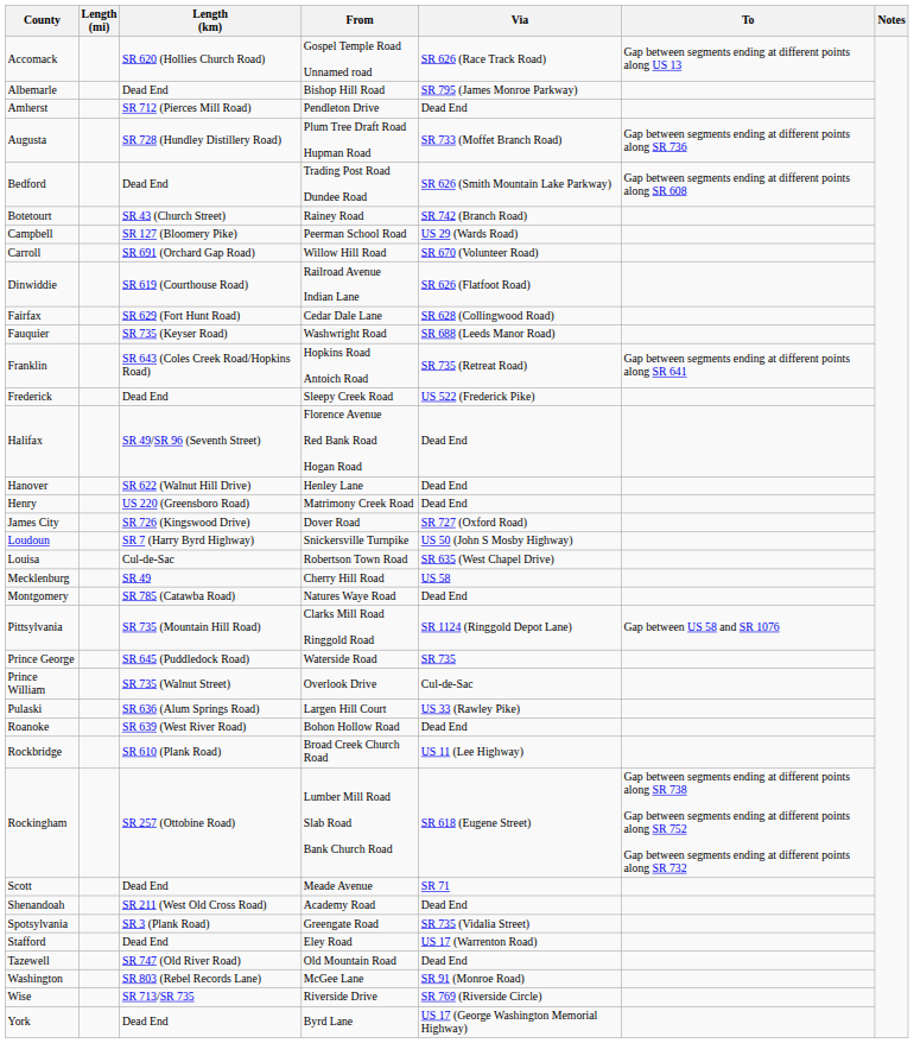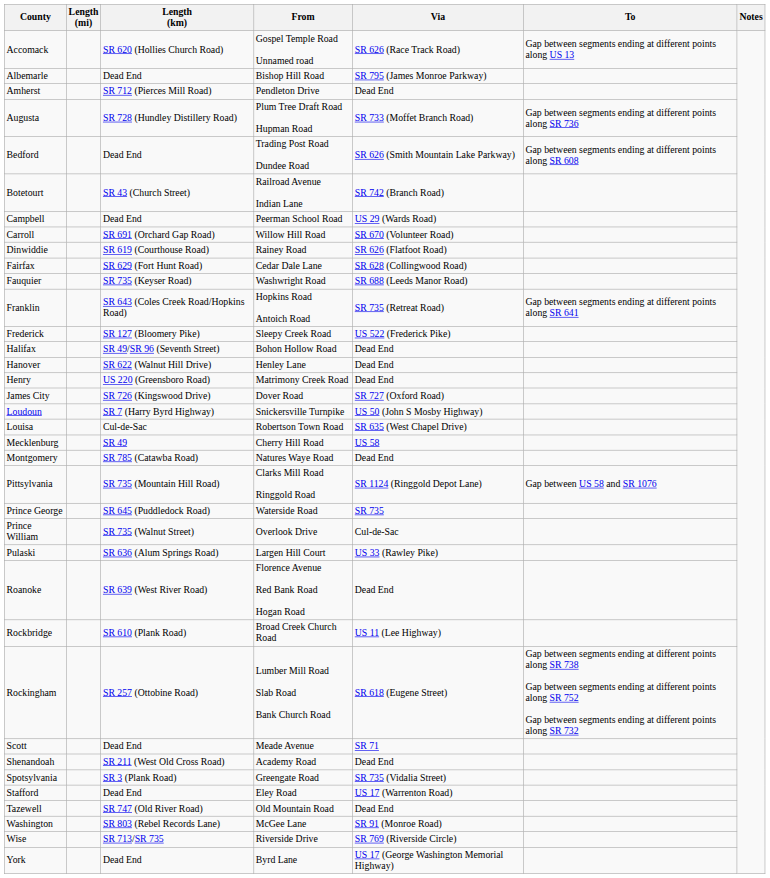 <table class="wikitable sortable">
 <tr>
 <th>County</th>
 <th>Length<br>(mi)</th>
 <th>Length<br>(km)</th>
 <th class="unsortable">From</th>
 <th class="unsortable">Via</th>
 <th class="unsortable">To</th>
 <th class="unsortable">Notes</th>
 </tr>
 <tr>
 <td id="Accomack">Accomack</td>
 <td></td>
 <td><a href='#'>SR 620</a> (Hollies Church Road)</td>
 <td>Gospel Temple Road<br><br>Unnamed road</td>
 <td><a href='#'>SR 626</a> (Race Track Road)</td>
 <td>Gap between segments ending at different points along <a href='#'>US 13</a></td>
 </tr>
 <tr>
 <td id="Albemarle">Albemarle</td>
 <td></td>
 <td>Dead End</td>
 <td>Bishop Hill Road</td>
 <td><a href='#'>SR 795</a> (James Monroe Parkway)</td>
 <td><br> </td>
 </tr>
 <tr>
 <td id="Amherst">Amherst</td>
 <td></td>
 <td><a href='#'>SR 712</a> (Pierces Mill Road)</td>
 <td>Pendleton Drive</td>
 <td>Dead End</td>
 <td><br> </td>
 </tr>
 <tr>
 <td id="Augusta">Augusta</td>
 <td></td>
 <td><a href='#'>SR 728</a> (Hundley Distillery Road)</td>
 <td>Plum Tree Draft Road<br><br>Hupman Road</td>
 <td><a href='#'>SR 733</a> (Moffet Branch Road)</td>
 <td>Gap between segments ending at different points along <a href='#'>SR 736</a><br></td>
 </tr>
 <tr>
 <td id="Bedford">Bedford</td>
 <td></td>
 <td>Dead End</td>
 <td>Trading Post Road<br><br>Dundee Road</td>
 <td><a href='#'>SR 626</a> (Smith Mountain Lake Parkway)</td>
 <td>Gap between segments ending at different points along <a href='#'>SR 608</a><br></td>
 </tr>
 <tr>
 <td id="Botetourt">Botetourt</td>
 <td></td>
 <td><a href='#'>SR 43</a> (Church Street)</td>
-<td>Rainey Road</td>
+<td>Railroad Avenue<br><br>Indian Lane</td>
 <td><a href='#'>SR 742</a> (Branch Road)</td>
 <td><br>  </td>
 </tr>
 <tr>
 <td id="Campbell">Campbell</td>
 <td></td>
-<td><a href='#'>SR 127</a> (Bloomery Pike)</td>
+<td>Dead End</td>
 <td>Peerman School Road</td>
 <td><a href='#'>US 29</a> (Wards Road)</td>
 <td><br></td>
 </tr>
 <tr>
 <td id="Carroll">Carroll</td>
 <td></td>
 <td><a href='#'>SR 691</a> (Orchard Gap Road)</td>
 <td>Willow Hill Road</td>
 <td><a href='#'>SR 670</a> (Volunteer Road)</td>
 <td><br>       </td>
 </tr>
 <tr>
 <td id="Dinwiddie">Dinwiddie</td>
 <td></td>
 <td><a href='#'>SR 619</a> (Courthouse Road)</td>
-<td>Railroad Avenue<br><br>Indian Lane</td>
+<td>Rainey Road</td>
 <td><a href='#'>SR 626</a> (Flatfoot Road)</td>
 <td><br></td>
 </tr>
 <tr>
 <td id="Fairfax">Fairfax</td>
 <td></td>
 <td><a href='#'>SR 629</a> (Fort Hunt Road)</td>
 <td>Cedar Dale Lane</td>
 <td><a href='#'>SR 628</a> (Collingwood Road)</td>
 <td></td>
 </tr>
 <tr>
 <td id="Fauquier">Fauquier</td>
 <td></td>
 <td><a href='#'>SR 735</a> (Keyser Road)</td>
 <td>Washwright Road</td>
 <td><a href='#'>SR 688</a> (Leeds Manor Road)</td>
 <td><br> </td>
 </tr>
 <tr>
 <td id="Franklin">Franklin</td>
 <td></td>
 <td><a href='#'>SR 643</a> (Coles Creek Road/Hopkins Road)</td>
 <td>Hopkins Road<br><br>Antoich Road</td>
 <td><a href='#'>SR 735</a> (Retreat Road)</td>
 <td>Gap between segments ending at different points along <a href='#'>SR 641</a></td>
 </tr>
 <tr>
 <td id="Frederick">Frederick</td>
 <td></td>
-<td>Dead End</td>
+<td><a href='#'>SR 127</a> (Bloomery Pike)</td>
 <td>Sleepy Creek Road</td>
 <td><a href='#'>US 522</a> (Frederick Pike)</td>
 <td><br>     </td>
 </tr>
 <tr>
 <td id="Halifax">Halifax</td>
 <td></td>
 <td><a href='#'>SR 49</a>/<a href='#'>SR 96</a> (Seventh Street)</td>
-<td>Florence Avenue<br><br>Red Bank Road<br><br>Hogan Road</td>
+<td>Bohon Hollow Road</td>
 <td>Dead End</td>
 <td></td>
 </tr>
 <tr>
 <td id="Hanover">Hanover</td>
 <td></td>
 <td><a href='#'>SR 622</a> (Walnut Hill Drive)</td>
 <td>Henley Lane</td>
 <td>Dead End</td>
 <td><br></td>
 </tr>
 <tr>
 <td id="Henry">Henry</td>
 <td></td>
 <td><a href='#'>US 220</a> (Greensboro Road)</td>
 <td>Matrimony Creek Road</td>
 <td>Dead End</td>
 <td><br> </td>
 </tr>
 <tr>
 <td id="James City">James City</td>
 <td></td>
 <td><a href='#'>SR 726</a> (Kingswood Drive)</td>
 <td>Dover Road</td>
 <td><a href='#'>SR 727</a> (Oxford Road)</td>
 <td><br>    </td>
 </tr>
 <tr>
 <td id="Loudoun"><a href='#'>Loudoun</a></td>
 <td></td>
 <td><a href='#'>SR 7</a> (Harry Byrd Highway)</td>
 <td>Snickersville Turnpike</td>
 <td><a href='#'>US 50</a> (John S Mosby Highway)</td>
 <td></td>
 </tr>
 <tr>
 <td id="Louisa">Louisa</td>
 <td></td>
 <td>Cul-de-Sac</td>
 <td>Robertson Town Road</td>
 <td><a href='#'>SR 635</a> (West Chapel Drive)</td>
 <td><br>  </td>
 </tr>
 <tr>
 <td id="Mecklenburg">Mecklenburg</td>
 <td></td>
 <td><a href='#'>SR 49</a></td>
 <td>Cherry Hill Road</td>
 <td><a href='#'>US 58</a></td>
 <td><br></td>
 </tr>
 <tr>
 <td id="Montgomery">Montgomery</td>
 <td></td>
 <td><a href='#'>SR 785</a> (Catawba Road)</td>
 <td>Natures Waye Road</td>
 <td>Dead End</td>
 <td><br>       </td>
 </tr>
 <tr>
 <td id="Pittsylvania">Pittsylvania</td>
 <td></td>
 <td><a href='#'>SR 735</a> (Mountain Hill Road)</td>
 <td>Clarks Mill Road<br><br>Ringgold Road</td>
 <td><a href='#'>SR 1124</a> (Ringgold Depot Lane)</td>
 <td>Gap between <a href='#'>US 58</a> and <a href='#'>SR 1076</a><br> </td>
 </tr>
 <tr>
 <td id="Prince George">Prince George</td>
 <td></td>
 <td><a href='#'>SR 645</a> (Puddledock Road)</td>
 <td>Waterside Road</td>
 <td><a href='#'>SR 735</a></td>
 <td></td>
 </tr>
 <tr>
 <td id="Prince William">Prince William</td>
 <td></td>
 <td><a href='#'>SR 735</a> (Walnut Street)</td>
 <td>Overlook Drive</td>
 <td>Cul-de-Sac</td>
 <td></td>
 </tr>
 <tr>
 <td id="Pulaski">Pulaski</td>
 <td></td>
 <td><a href='#'>SR 636</a> (Alum Springs Road)</td>
 <td>Largen Hill Court</td>
 <td><a href='#'>US 33</a> (Rawley Pike)</td>
 <td><br> </td>
 </tr>
 <tr>
 <td id="Roanoke">Roanoke</td>
 <td></td>
 <td><a href='#'>SR 639</a> (West River Road)</td>
-<td>Bohon Hollow Road</td>
+<td>Florence Avenue<br><br>Red Bank Road<br><br>Hogan Road</td>
 <td>Dead End</td>
 <td></td>
 </tr>
 <tr>
 <td id="Rockbridge">Rockbridge</td>
 <td></td>
 <td><a href='#'>SR 610</a> (Plank Road)</td>
 <td>Broad Creek Church Road</td>
 <td><a href='#'>US 11</a> (Lee Highway)</td>
 <td></td>
 </tr>
 <tr>
 <td id="Rockingham">Rockingham</td>
 <td></td>
 <td><a href='#'>SR 257</a> (Ottobine Road)</td>
 <td>Lumber Mill Road<br><br>Slab Road<br><br>Bank Church Road</td>
 <td><a href='#'>SR 618</a> (Eugene Street)</td>
 <td>Gap between segments ending at different points along <a href='#'>SR 738</a><br><br>Gap between segments ending at different points along <a href='#'>SR 752</a><br><br>Gap between segments ending at different points along <a href='#'>SR 732</a><br></td>
 </tr>
 <tr>
 <td id="Scott">Scott</td>
 <td></td>
 <td>Dead End</td>
 <td>Meade Avenue</td>
 <td><a href='#'>SR 71</a></td>
 <td></td>
 </tr>
 <tr>
 <td id="Shenandoah">Shenandoah</td>
 <td></td>
 <td><a href='#'>SR 211</a> (West Old Cross Road)</td>
 <td>Academy Road</td>
 <td>Dead End</td>
 <td><br> </td>
 </tr>
 <tr>
 <td id="Spotsylvania">Spotsylvania</td>
 <td></td>
 <td><a href='#'>SR 3</a> (Plank Road)</td>
 <td>Greengate Road</td>
 <td><a href='#'>SR 735</a> (Vidalia Street)</td>
 <td></td>
 </tr>
 <tr>
 <td id="Stafford">Stafford</td>
 <td></td>
 <td>Dead End</td>
 <td>Eley Road</td>
 <td><a href='#'>US 17</a> (Warrenton Road)</td>
 <td><br> </td>
 </tr>
 <tr>
 <td id="Tazewell">Tazewell</td>
 <td></td>
 <td><a href='#'>SR 747</a> (Old River Road)</td>
 <td>Old Mountain Road</td>
 <td>Dead End</td>
 <td><br></td>
 </tr>
 <tr>
 <td id="Washington">Washington</td>
 <td></td>
 <td><a href='#'>SR 803</a> (Rebel Records Lane)</td>
 <td>McGee Lane</td>
 <td><a href='#'>SR 91</a> (Monroe Road)</td>
 <td><br></td>
 </tr>
 <tr>
 <td id="Wise">Wise</td>
 <td></td>
 <td><a href='#'>SR 713</a>/<a href='#'>SR 735</a></td>
 <td>Riverside Drive</td>
 <td><a href='#'>SR 769</a> (Riverside Circle)</td>
 <td><br></td>
 </tr>
 <tr>
 <td id="York">York</td>
 <td></td>
 <td>Dead End</td>
 <td>Byrd Lane</td>
 <td><a href='#'>US 17</a> (George Washington Memorial Highway)</td>
 <td></td>
 </tr>
 </table>
